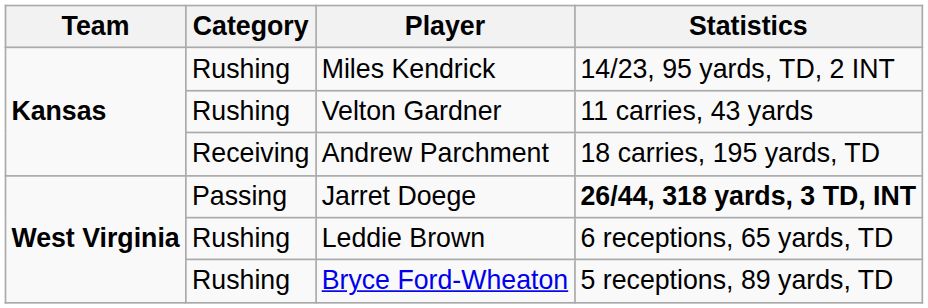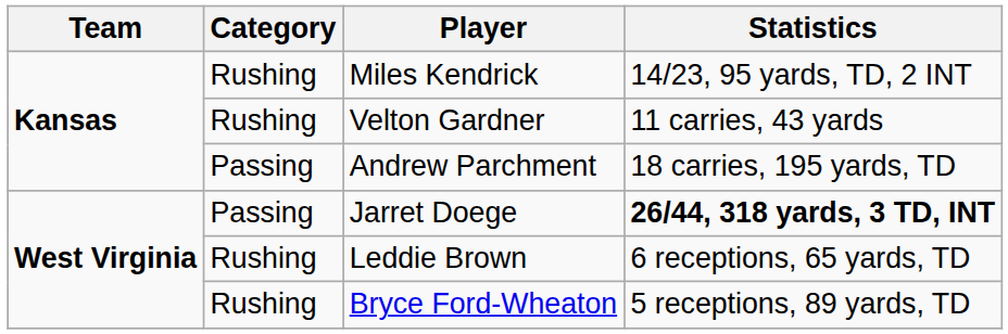 <table class="wikitable" style="float: right;">
 <tr>
 <th>Team</th>
 <th>Category</th>
 <th>Player</th>
 <th>Statistics</th>
 </tr>
 <tr>
 <td rowspan=3><strong>Kansas</strong></td>
 <td>Rushing</td>
 <td>Miles Kendrick</td>
 <td>14/23, 95 yards, TD, 2 INT</td>
 </tr>
 <tr>
 <td>Rushing</td>
 <td>Velton Gardner</td>
 <td>11 carries, 43 yards</td>
 </tr>
 <tr>
-<td>Receiving</td>
+<td>Passing</td>
 <td>Andrew Parchment</td>
 <td>18 carries, 195 yards, TD</td>
 </tr>
 <tr>
 <td rowspan=3><strong>West Virginia</strong></td>
 <td>Passing</td>
 <td>Jarret Doege</td>
 <td><strong>26/44, 318 yards, 3 TD, INT</strong></td>
 </tr>
 <tr>
 <td>Rushing</td>
 <td>Leddie Brown</td>
 <td>6 receptions, 65 yards, TD</td>
 </tr>
 <tr>
 <td>Rushing</td>
 <td><a href='#'>Bryce Ford-Wheaton</a></td>
 <td>5 receptions, 89 yards, TD</td>
 </tr>
 </table>
